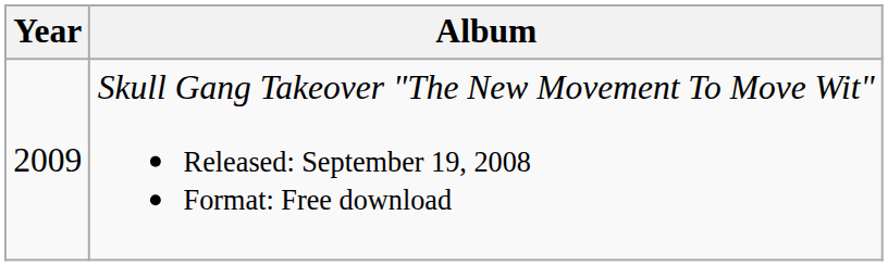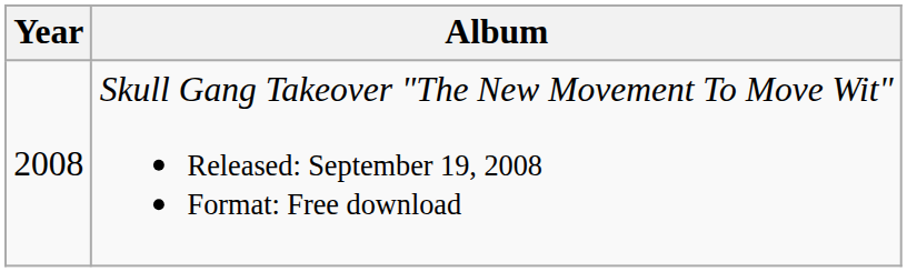 <table class="wikitable">
 <tr>
 <th rowspan="1">Year</th>
 <th rowspan="1">Album</th>
 </tr>
 <tr>
-<td>2009</td>
+<td>2008</td>
 <td><em>Skull Gang Takeover "The New Movement To Move Wit"</em><br><ul><li><small>Released: September 19, 2008</small></li><li><small>Format: Free download</small></li></ul></td>
 </tr>
 </table>
